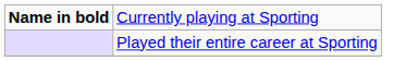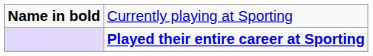 <table class="wikitable">
 <tr>
 <td><strong>Name in bold</strong></td>
 <td><a href='#'>Currently playing at Sporting</a></td>
 </tr>
 <tr>
 <td style="background:#e3d9ff;"></td>
-<td><a href='#'>Played their entire career at Sporting</a></td>
+<td><strong><a href='#'>Played their entire career at Sporting</a></strong></td>
 </tr>
 <tr>
 </tr>
 </table>
